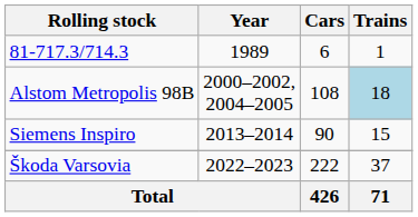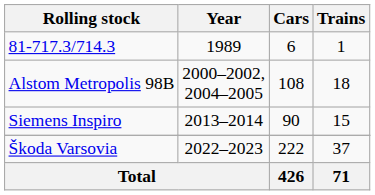 <table class="wikitable" style="text-align:center;">
 <tr>
 <th>Rolling stock</th>
 <th>Year</th>
 <th>Cars</th>
 <th>Trains</th>
 </tr>
 <tr>
 <td style="text-align:left;"><a href='#'>81-717.3/714.3</a><br></td>
 <td>1989</td>
 <td>6</td>
 <td>1</td>
 </tr>
 <tr>
 <td style="text-align:left;"><a href='#'>Alstom Metropolis</a> 98B</td>
 <td>2000–2002,<br>2004–2005</td>
 <td>108</td>
-<td style="background: lightblue;">18</td>
+<td>18</td>
 </tr>
 <tr>
 <td style="text-align:left;"><a href='#'>Siemens Inspiro</a></td>
 <td>2013–2014</td>
 <td>90</td>
 <td>15</td>
 </tr>
 <tr>
 </tr>
 <tr>
 <td style="text-align:left;"><a href='#'>Škoda Varsovia</a></td>
 <td>2022–2023</td>
 <td>222</td>
 <td>37</td>
 </tr>
 <tr>
 <th colspan="2">Total</th>
 <th>426</th>
 <th>71</th>
 </tr>
 </table>
